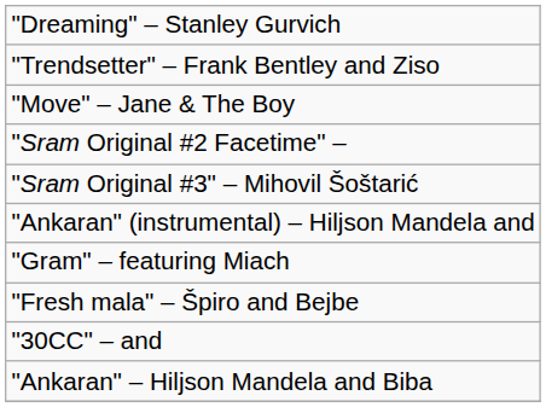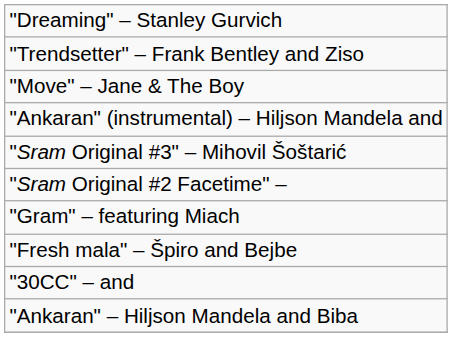 <table class="wikitable mw-collapsible mw-collapsed">
 <tr>
 <td>"Dreaming" – Stanley Gurvich</td>
 </tr>
 <tr>
 <td>"Trendsetter" – Frank Bentley and Ziso</td>
 </tr>
 <tr>
 <td>"Move" – Jane & The Boy</td>
 </tr>
 <tr>
-<td>"<em>Sram</em> Original #2 Facetime" – </td>
+<td>"Ankaran" (instrumental) – Hiljson Mandela and </td>
 </tr>
 <tr>
 <td>"<em>Sram</em> Original #3" – Mihovil Šoštarić</td>
 </tr>
 <tr>
-<td>"Ankaran" (instrumental) – Hiljson Mandela and </td>
+<td>"<em>Sram</em> Original #2 Facetime" – </td>
 </tr>
 <tr>
 <td>"Gram" –  featuring Miach</td>
 </tr>
 <tr>
 <td>"Fresh mala" – Špiro and Bejbe</td>
 </tr>
 <tr>
 <td>"30CC" –  and </td>
 </tr>
 <tr>
 <td>"Ankaran" – Hiljson Mandela and Biba</td>
 </tr>
 <tr>
 </tr>
 </table>
